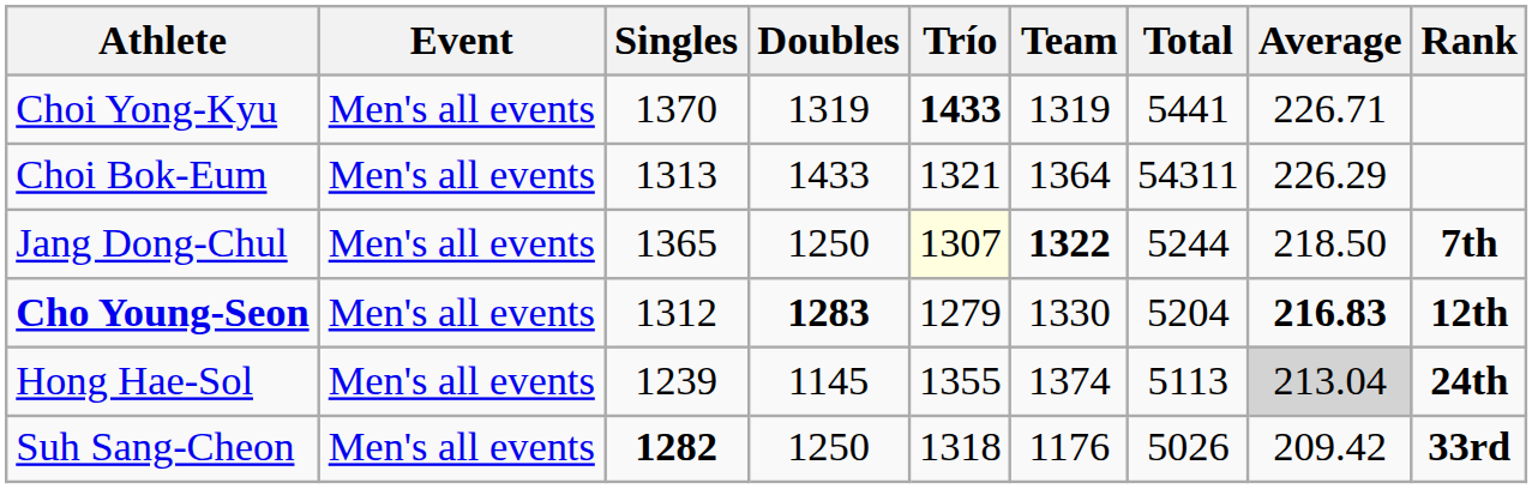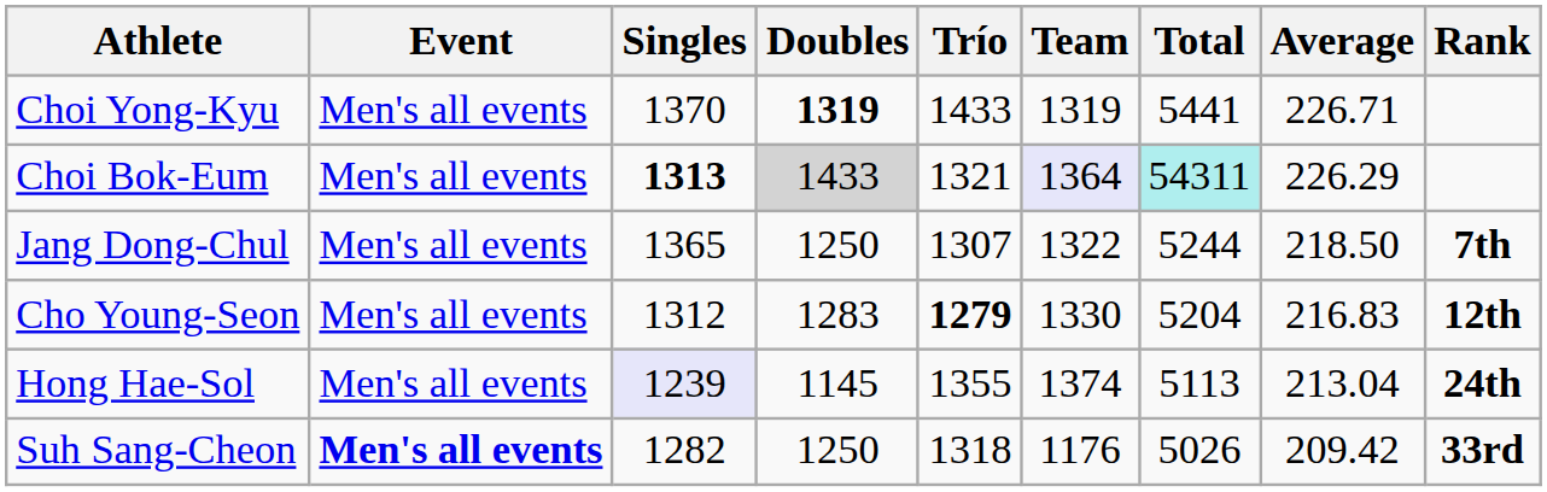 <table class="wikitable" border="1" style="font-size:90%">
 <tr>
 <th>Athlete</th>
 <th>Event</th>
 <th>Singles</th>
 <th>Doubles</th>
 <th>Trío</th>
 <th>Team</th>
 <th>Total</th>
 <th>Average</th>
 <th>Rank</th>
 </tr>
 <tr>
 <td><a href='#'>Choi Yong-Kyu</a></td>
 <td><a href='#'>Men's all events</a></td>
 <td align=center>1370</td>
-<td align=center>1319</td>
-<td align=center><strong>1433</strong></td>
+<td align=center><strong>1319</strong></td>
+<td align=center>1433</td>
 <td align=center>1319</td>
 <td align=center>5441</td>
 <td align=center>226.71</td>
 <td align=center></td>
 </tr>
 <tr>
 <td><a href='#'>Choi Bok-Eum</a></td>
 <td><a href='#'>Men's all events</a></td>
-<td align=center>1313</td>
-<td align=center>1433</td>
+<td align=center><strong>1313</strong></td>
+<td align=center style="background: lightgrey;">1433</td>
 <td align=center>1321</td>
-<td align=center>1364</td>
-<td align=center>54311</td>
+<td align=center style="background: lavender;">1364</td>
+<td align=center style="background: paleturquoise;">54311</td>
 <td align=center>226.29</td>
 <td align=center></td>
 </tr>
 <tr>
 <td><a href='#'>Jang Dong-Chul</a></td>
 <td><a href='#'>Men's all events</a></td>
 <td align=center>1365</td>
 <td align=center>1250</td>
-<td align=center style="background: lightyellow;">1307</td>
-<td align=center><strong>1322</strong></td>
+<td align=center>1307</td>
+<td align=center>1322</td>
 <td align=center>5244</td>
 <td align=center>218.50</td>
 <td align=center><strong>7th</strong></td>
 </tr>
 <tr>
-<td><strong><a href='#'>Cho Young-Seon</a></strong></td>
+<td><a href='#'>Cho Young-Seon</a></td>
 <td><a href='#'>Men's all events</a></td>
 <td align=center>1312</td>
-<td align=center><strong>1283</strong></td>
-<td align=center>1279</td>
+<td align=center>1283</td>
+<td align=center><strong>1279</strong></td>
 <td align=center>1330</td>
 <td align=center>5204</td>
-<td align=center><strong>216.83</strong></td>
+<td align=center>216.83</td>
 <td align=center><strong>12th</strong></td>
 </tr>
 <tr>
 <td><a href='#'>Hong Hae-Sol</a></td>
 <td><a href='#'>Men's all events</a></td>
-<td align=center>1239</td>
+<td align=center style="background: lavender;">1239</td>
 <td align=center>1145</td>
 <td align=center>1355</td>
 <td align=center>1374</td>
 <td align=center>5113</td>
-<td align=center style="background: lightgrey;">213.04</td>
+<td align=center>213.04</td>
 <td align=center><strong>24th</strong></td>
 </tr>
 <tr>
 <td><a href='#'>Suh Sang-Cheon</a></td>
-<td><a href='#'>Men's all events</a></td>
-<td align=center><strong>1282</strong></td>
+<td><strong><a href='#'>Men's all events</a></strong></td>
+<td align=center>1282</td>
 <td align=center>1250</td>
 <td align=center>1318</td>
 <td align=center>1176</td>
 <td align=center>5026</td>
 <td align=center>209.42</td>
 <td align=center><strong>33rd</strong></td>
 </tr>
 </table>
